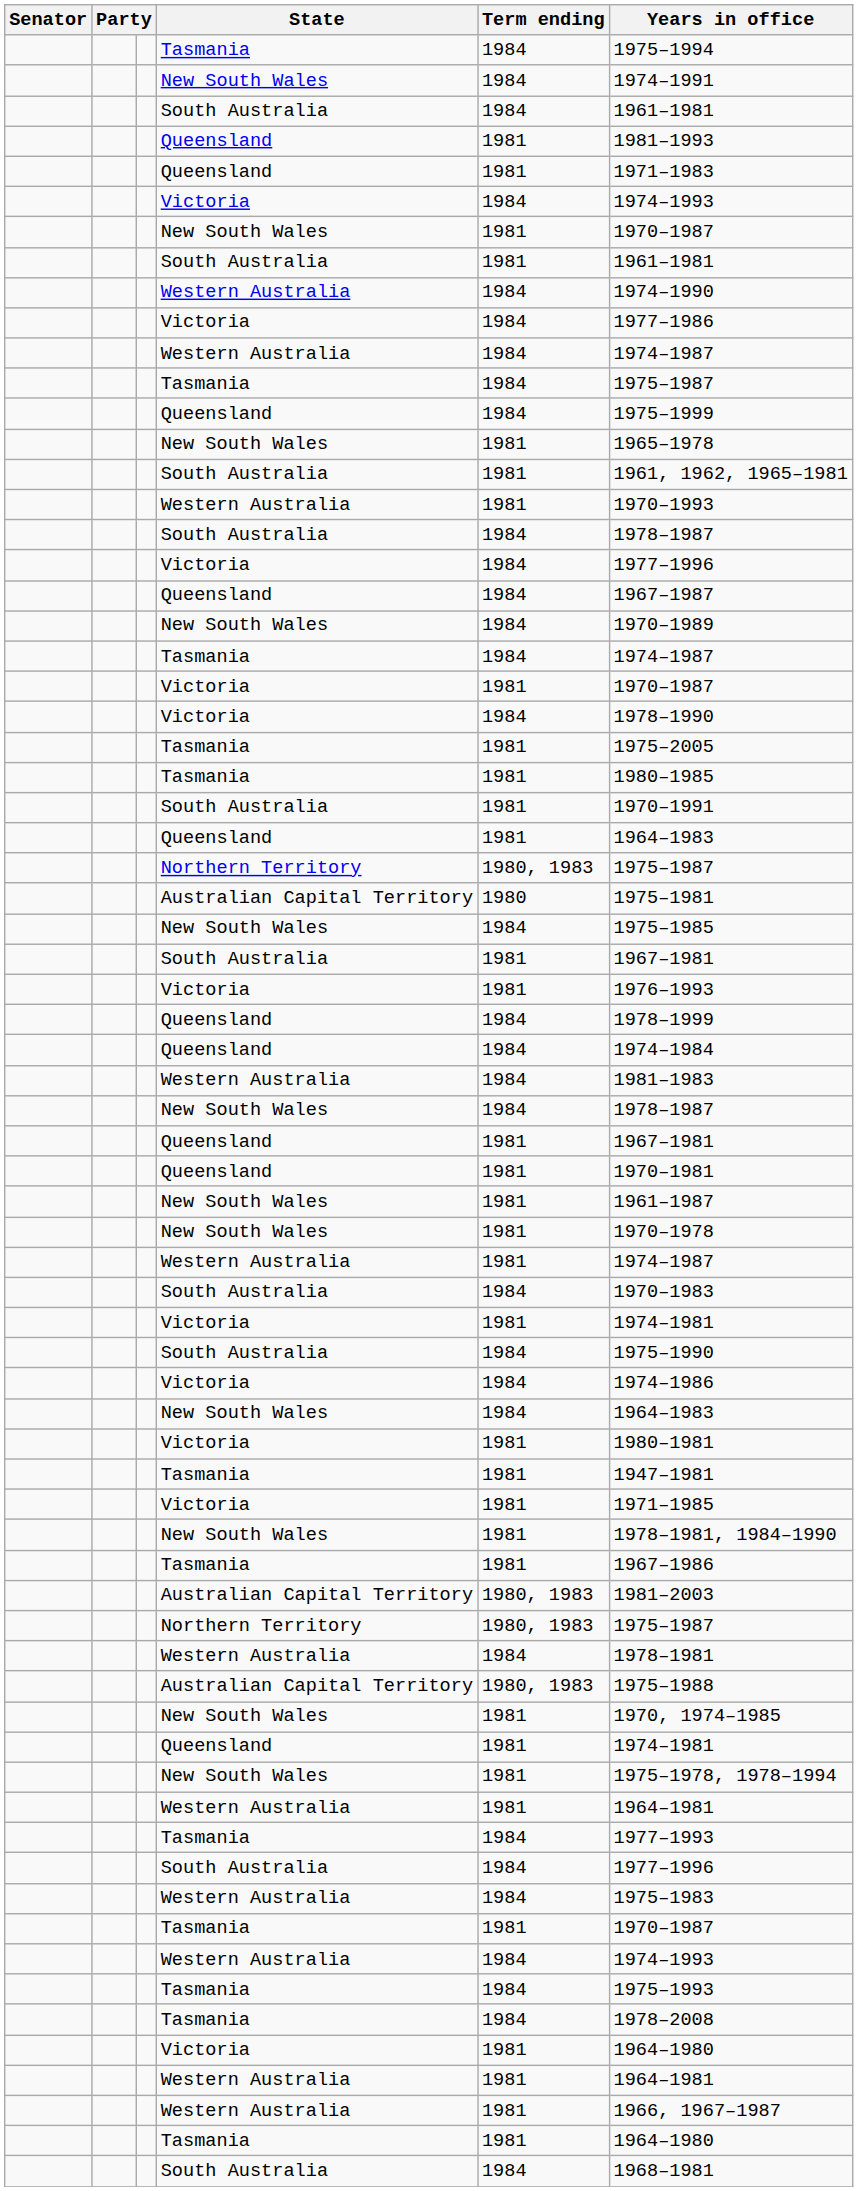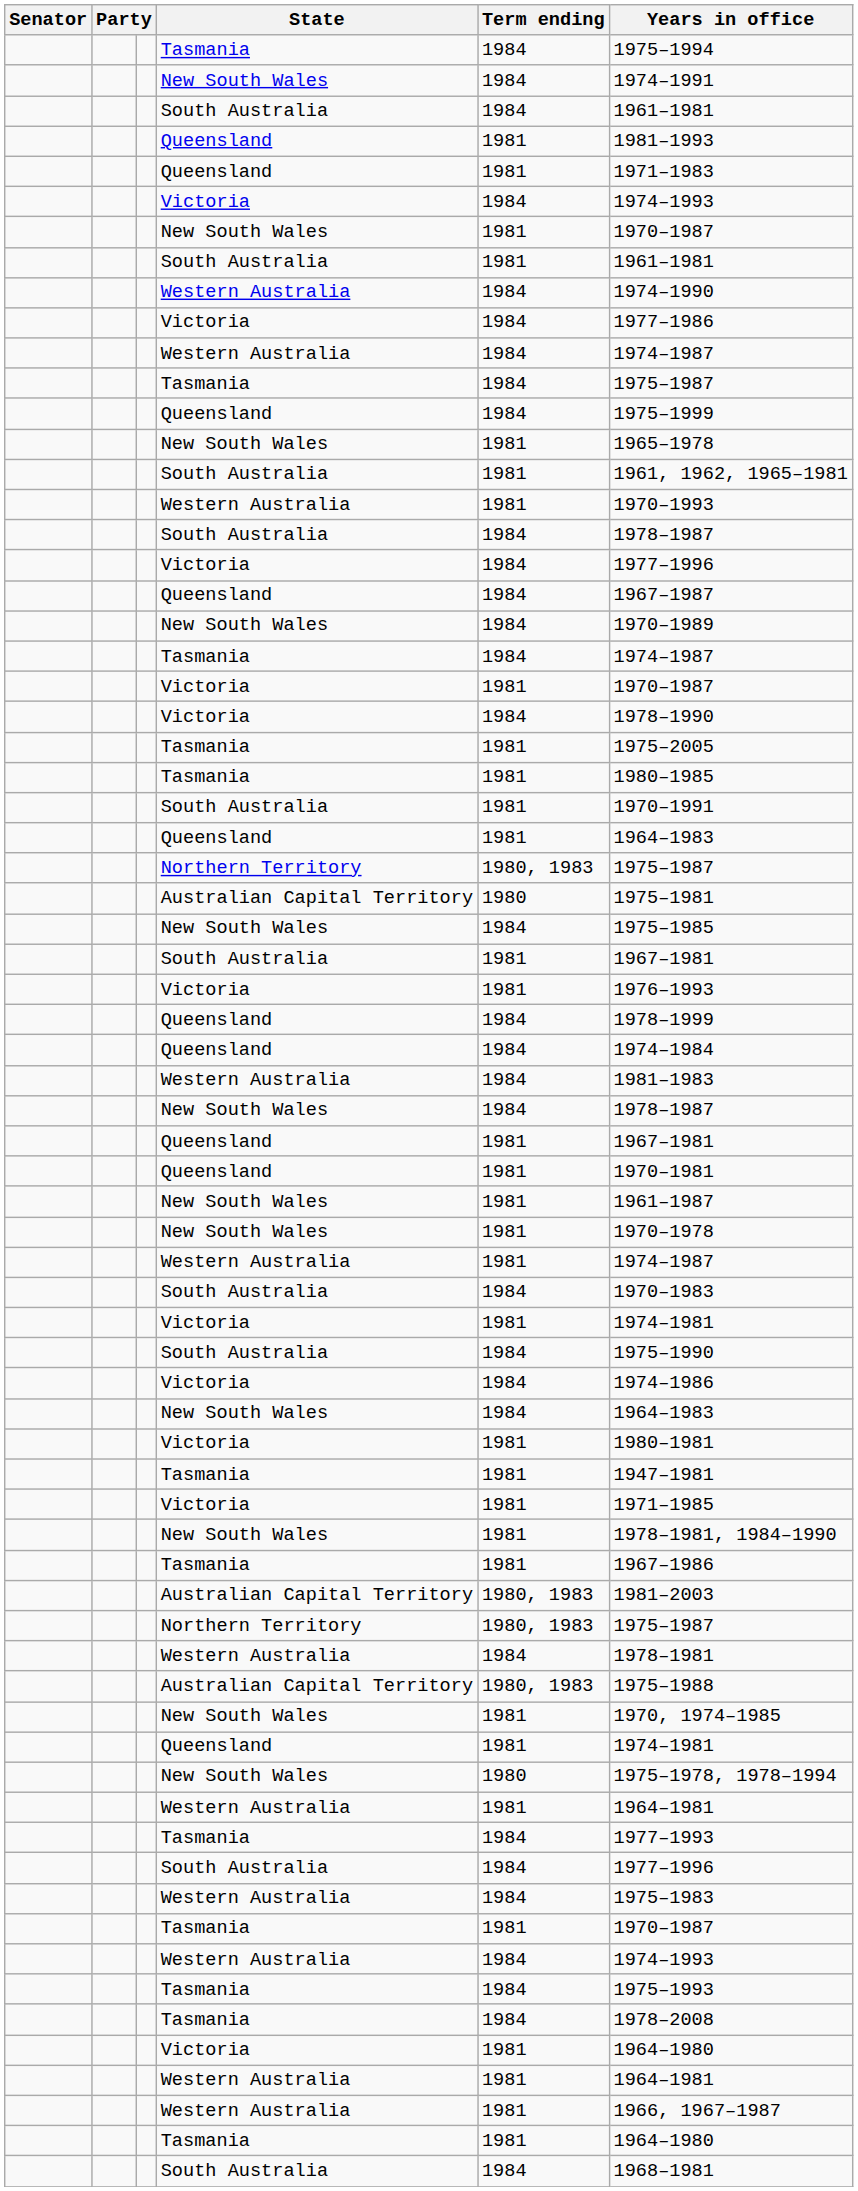 <table class="wikitable sortable">
 <tr>
 <th>Senator</th>
 <th colspan=2>Party</th>
 <th>State</th>
 <th>Term ending</th>
 <th>Years in office</th>
 </tr>
 <tr>
 <td></td>
 <td> </td>
 <td></td>
 <td><a href='#'>Tasmania</a></td>
 <td>1984</td>
 <td>1975–1994</td>
 </tr>
 <tr>
 <td></td>
 <td> </td>
 <td></td>
 <td><a href='#'>New South Wales</a></td>
 <td>1984</td>
 <td>1974–1991</td>
 </tr>
 <tr>
 <td></td>
 <td> </td>
 <td></td>
 <td>South Australia</td>
 <td>1984</td>
 <td>1961–1981</td>
 </tr>
 <tr>
 <td> </td>
 <td> </td>
 <td></td>
 <td><a href='#'>Queensland</a></td>
 <td>1981</td>
 <td>1981–1993</td>
 </tr>
 <tr>
 <td></td>
 <td> </td>
 <td></td>
 <td>Queensland</td>
 <td>1981</td>
 <td>1971–1983</td>
 </tr>
 <tr>
 <td></td>
 <td> </td>
 <td></td>
 <td><a href='#'>Victoria</a></td>
 <td>1984</td>
 <td>1974–1993</td>
 </tr>
 <tr>
 <td></td>
 <td> </td>
 <td></td>
 <td>New South Wales</td>
 <td>1981</td>
 <td>1970–1987</td>
 </tr>
 <tr>
 <td></td>
 <td> </td>
 <td></td>
 <td>South Australia</td>
 <td>1981</td>
 <td>1961–1981</td>
 </tr>
 <tr>
 <td></td>
 <td> </td>
 <td></td>
 <td><a href='#'>Western Australia</a></td>
 <td>1984</td>
 <td>1974–1990</td>
 </tr>
 <tr>
 <td></td>
 <td> </td>
 <td></td>
 <td>Victoria</td>
 <td>1984</td>
 <td>1977–1986</td>
 </tr>
 <tr>
 <td></td>
 <td> </td>
 <td></td>
 <td>Western Australia</td>
 <td>1984</td>
 <td>1974–1987</td>
 </tr>
 <tr>
 <td></td>
 <td> </td>
 <td></td>
 <td>Tasmania</td>
 <td>1984</td>
 <td>1975–1987</td>
 </tr>
 <tr>
 <td></td>
 <td> </td>
 <td></td>
 <td>Queensland</td>
 <td>1984</td>
 <td>1975–1999</td>
 </tr>
 <tr>
 <td> </td>
 <td> </td>
 <td></td>
 <td>New South Wales</td>
 <td>1981</td>
 <td>1965–1978</td>
 </tr>
 <tr>
 <td></td>
 <td> </td>
 <td></td>
 <td>South Australia</td>
 <td>1981</td>
 <td>1961, 1962, 1965–1981</td>
 </tr>
 <tr>
 <td></td>
 <td> </td>
 <td></td>
 <td>Western Australia</td>
 <td>1981</td>
 <td>1970–1993</td>
 </tr>
 <tr>
 <td></td>
 <td> </td>
 <td></td>
 <td>South Australia</td>
 <td>1984</td>
 <td>1978–1987</td>
 </tr>
 <tr>
 <td></td>
 <td> </td>
 <td></td>
 <td>Victoria</td>
 <td>1984</td>
 <td>1977–1996</td>
 </tr>
 <tr>
 <td></td>
 <td> </td>
 <td></td>
 <td>Queensland</td>
 <td>1984</td>
 <td>1967–1987</td>
 </tr>
 <tr>
 <td></td>
 <td> </td>
 <td></td>
 <td>New South Wales</td>
 <td>1984</td>
 <td>1970–1989</td>
 </tr>
 <tr>
 <td></td>
 <td> </td>
 <td></td>
 <td>Tasmania</td>
 <td>1984</td>
 <td>1974–1987</td>
 </tr>
 <tr>
 <td></td>
 <td> </td>
 <td></td>
 <td>Victoria</td>
 <td>1981</td>
 <td>1970–1987</td>
 </tr>
 <tr>
 <td></td>
 <td> </td>
 <td></td>
 <td>Victoria</td>
 <td>1984</td>
 <td>1978–1990</td>
 </tr>
 <tr>
 <td></td>
 <td> </td>
 <td></td>
 <td>Tasmania</td>
 <td>1981</td>
 <td>1975–2005</td>
 </tr>
 <tr>
 <td> </td>
 <td> </td>
 <td></td>
 <td>Tasmania</td>
 <td>1981</td>
 <td>1980–1985</td>
 </tr>
 <tr>
 <td></td>
 <td> </td>
 <td></td>
 <td>South Australia</td>
 <td>1981</td>
 <td>1970–1991</td>
 </tr>
 <tr>
 <td></td>
 <td> </td>
 <td></td>
 <td>Queensland</td>
 <td>1981</td>
 <td>1964–1983</td>
 </tr>
 <tr>
 <td></td>
 <td> </td>
 <td></td>
 <td><a href='#'>Northern Territory</a></td>
 <td>1980, 1983 </td>
 <td>1975–1987</td>
 </tr>
 <tr>
 <td> </td>
 <td> </td>
 <td></td>
 <td>Australian Capital Territory</td>
 <td>1980 </td>
 <td>1975–1981</td>
 </tr>
 <tr>
 <td></td>
 <td> </td>
 <td></td>
 <td>New South Wales</td>
 <td>1984</td>
 <td>1975–1985</td>
 </tr>
 <tr>
 <td></td>
 <td> </td>
 <td></td>
 <td>South Australia</td>
 <td>1981</td>
 <td>1967–1981</td>
 </tr>
 <tr>
 <td></td>
 <td> </td>
 <td></td>
 <td>Victoria</td>
 <td>1981</td>
 <td>1976–1993</td>
 </tr>
 <tr>
 <td></td>
 <td> </td>
 <td></td>
 <td>Queensland</td>
 <td>1984</td>
 <td>1978–1999</td>
 </tr>
 <tr>
 <td></td>
 <td> </td>
 <td></td>
 <td>Queensland</td>
 <td>1984</td>
 <td>1974–1984</td>
 </tr>
 <tr>
 <td> </td>
 <td> </td>
 <td></td>
 <td>Western Australia</td>
 <td>1984</td>
 <td>1981–1983</td>
 </tr>
 <tr>
 <td></td>
 <td> </td>
 <td></td>
 <td>New South Wales</td>
 <td>1984</td>
 <td>1978–1987</td>
 </tr>
 <tr>
 <td></td>
 <td> </td>
 <td></td>
 <td>Queensland</td>
 <td>1981</td>
 <td>1967–1981</td>
 </tr>
 <tr>
 <td></td>
 <td> </td>
 <td></td>
 <td>Queensland</td>
 <td>1981</td>
 <td>1970–1981</td>
 </tr>
 <tr>
 <td></td>
 <td> </td>
 <td></td>
 <td>New South Wales</td>
 <td>1981</td>
 <td>1961–1987</td>
 </tr>
 <tr>
 <td> </td>
 <td> </td>
 <td></td>
 <td>New South Wales</td>
 <td>1981</td>
 <td>1970–1978</td>
 </tr>
 <tr>
 <td></td>
 <td> </td>
 <td></td>
 <td>Western Australia</td>
 <td>1981</td>
 <td>1974–1987</td>
 </tr>
 <tr>
 <td></td>
 <td> </td>
 <td></td>
 <td>South Australia</td>
 <td>1984</td>
 <td>1970–1983</td>
 </tr>
 <tr>
 <td></td>
 <td> </td>
 <td></td>
 <td>Victoria</td>
 <td>1981</td>
 <td>1974–1981</td>
 </tr>
 <tr>
 <td></td>
 <td> </td>
 <td></td>
 <td>South Australia</td>
 <td>1984</td>
 <td>1975–1990</td>
 </tr>
 <tr>
 <td></td>
 <td> </td>
 <td></td>
 <td>Victoria</td>
 <td>1984</td>
 <td>1974–1986</td>
 </tr>
 <tr>
 <td></td>
 <td> </td>
 <td></td>
 <td>New South Wales</td>
 <td>1984</td>
 <td>1964–1983</td>
 </tr>
 <tr>
 <td> </td>
 <td> </td>
 <td></td>
 <td>Victoria</td>
 <td>1981</td>
 <td>1980–1981</td>
 </tr>
 <tr>
 <td> </td>
 <td> </td>
 <td></td>
 <td>Tasmania</td>
 <td>1981</td>
 <td>1947–1981</td>
 </tr>
 <tr>
 <td></td>
 <td> </td>
 <td></td>
 <td>Victoria</td>
 <td>1981</td>
 <td>1971–1985</td>
 </tr>
 <tr>
 <td> </td>
 <td> </td>
 <td></td>
 <td>New South Wales</td>
 <td>1981</td>
 <td>1978–1981, 1984–1990</td>
 </tr>
 <tr>
 <td></td>
 <td> </td>
 <td></td>
 <td>Tasmania</td>
 <td>1981</td>
 <td>1967–1986</td>
 </tr>
 <tr>
 <td> </td>
 <td> </td>
 <td></td>
 <td>Australian Capital Territory</td>
 <td>1980, 1983 </td>
 <td>1981–2003</td>
 </tr>
 <tr>
 <td></td>
 <td> </td>
 <td></td>
 <td>Northern Territory</td>
 <td>1980, 1983 </td>
 <td>1975–1987</td>
 </tr>
 <tr>
 <td> </td>
 <td> </td>
 <td></td>
 <td>Western Australia</td>
 <td>1984</td>
 <td>1978–1981</td>
 </tr>
 <tr>
 <td></td>
 <td> </td>
 <td></td>
 <td>Australian Capital Territory</td>
 <td>1980, 1983 </td>
 <td>1975–1988</td>
 </tr>
 <tr>
 <td></td>
 <td> </td>
 <td></td>
 <td>New South Wales</td>
 <td>1981</td>
 <td>1970, 1974–1985</td>
 </tr>
 <tr>
 <td> </td>
 <td> </td>
 <td></td>
 <td>Queensland</td>
 <td>1981</td>
 <td>1974–1981</td>
 </tr>
 <tr>
 <td> </td>
 <td> </td>
 <td></td>
 <td>New South Wales</td>
-<td>1981</td>
+<td>1980</td>
 <td>1975–1978, 1978–1994</td>
 </tr>
 <tr>
 <td></td>
 <td> </td>
 <td></td>
 <td>Western Australia</td>
 <td>1981</td>
 <td>1964–1981</td>
 </tr>
 <tr>
 <td></td>
 <td> </td>
 <td></td>
 <td>Tasmania</td>
 <td>1984</td>
 <td>1977–1993</td>
 </tr>
 <tr>
 <td></td>
 <td> </td>
 <td></td>
 <td>South Australia</td>
 <td>1984</td>
 <td>1977–1996</td>
 </tr>
 <tr>
 <td></td>
 <td> </td>
 <td></td>
 <td>Western Australia</td>
 <td>1984</td>
 <td>1975–1983</td>
 </tr>
 <tr>
 <td></td>
 <td> </td>
 <td></td>
 <td>Tasmania</td>
 <td>1981</td>
 <td>1970–1987</td>
 </tr>
 <tr>
 <td></td>
 <td> </td>
 <td></td>
 <td>Western Australia</td>
 <td>1984</td>
 <td>1974–1993</td>
 </tr>
 <tr>
 <td></td>
 <td> </td>
 <td></td>
 <td>Tasmania</td>
 <td>1984</td>
 <td>1975–1993</td>
 </tr>
 <tr>
 <td></td>
 <td> </td>
 <td></td>
 <td>Tasmania</td>
 <td>1984</td>
 <td>1978–2008</td>
 </tr>
 <tr>
 <td> </td>
 <td> </td>
 <td></td>
 <td>Victoria</td>
 <td>1981</td>
 <td>1964–1980</td>
 </tr>
 <tr>
 <td></td>
 <td> </td>
 <td></td>
 <td>Western Australia</td>
 <td>1981</td>
 <td>1964–1981</td>
 </tr>
 <tr>
 <td></td>
 <td> </td>
 <td></td>
 <td>Western Australia</td>
 <td>1981</td>
 <td>1966, 1967–1987</td>
 </tr>
 <tr>
 <td> </td>
 <td> </td>
 <td></td>
 <td>Tasmania</td>
 <td>1981</td>
 <td>1964–1980</td>
 </tr>
 <tr>
 <td></td>
 <td> </td>
 <td></td>
 <td>South Australia</td>
 <td>1984</td>
 <td>1968–1981</td>
 </tr>
 </table>
